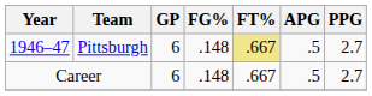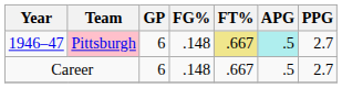 <table class="wikitable sortable" style="font-size:95%; text-align:right;">
 <tr>
 <th>Year</th>
 <th>Team</th>
 <th>GP</th>
 <th>FG%</th>
 <th>FT%</th>
 <th>APG</th>
 <th>PPG</th>
 </tr>
 <tr>
 <td style="text-align:left;"><a href='#'>1946–47</a></td>
-<td style="text-align:left;"><a href='#'>Pittsburgh</a></td>
+<td style="background: pink; text-align:left;"><a href='#'>Pittsburgh</a></td>
 <td>6</td>
 <td>.148</td>
 <td style="background: khaki;">.667</td>
-<td>.5</td>
+<td style="background: paleturquoise;">.5</td>
 <td>2.7</td>
 </tr>
 <tr>
 <td style="text-align:center;" colspan="2">Career</td>
 <td>6</td>
 <td>.148</td>
 <td>.667</td>
 <td>.5</td>
 <td>2.7</td>
 </tr>
 <tr>
 </tr>
 </table>
